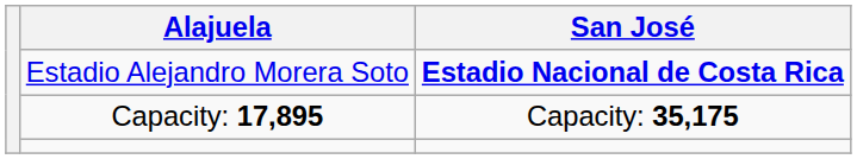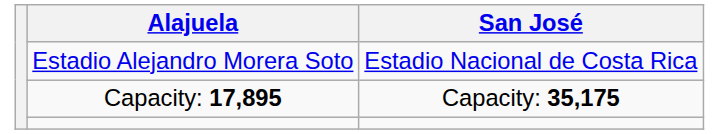 <table class="wikitable" style="margin:1em auto; text-align:center">
 <tr>
 <th rowspan="4"></th>
 <th><a href='#'>Alajuela</a></th>
 <th><a href='#'>San José</a></th>
 </tr>
 <tr>
 <td><a href='#'>Estadio Alejandro Morera Soto</a></td>
-<td><strong><a href='#'>Estadio Nacional de Costa Rica</a></strong></td>
+<td><a href='#'>Estadio Nacional de Costa Rica</a></td>
 </tr>
 <tr>
 <td>Capacity: <strong>17,895</strong></td>
 <td>Capacity: <strong>35,175</strong></td>
 </tr>
 <tr>
 <td></td>
 <td></td>
 </tr>
 </table>
